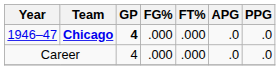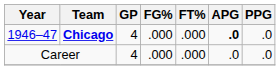 <table class="wikitable sortable" style="font-size:95%; text-align:right;">
 <tr>
 <th>Year</th>
 <th>Team</th>
 <th>GP</th>
 <th>FG%</th>
 <th>FT%</th>
 <th>APG</th>
 <th>PPG</th>
 </tr>
 <tr>
 <td style="text-align:left;"><a href='#'>1946–47</a></td>
 <td style="text-align:left;"><strong><a href='#'>Chicago</a></strong></td>
-<td><strong>4</strong></td>
+<td>4</td>
 <td>.000</td>
 <td>.000</td>
-<td>.0</td>
+<td><strong>.0</strong></td>
 <td>.0</td>
 </tr>
 <tr>
 <td style="text-align:center;" colspan="2">Career</td>
 <td>4</td>
 <td>.000</td>
 <td>.000</td>
 <td>.0</td>
 <td>.0</td>
 </tr>
 <tr>
 </tr>
 </table>
